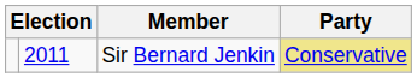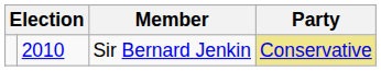 <table class="wikitable">
 <tr>
 <th colspan="2">Election</th>
 <th>Member</th>
 <th>Party</th>
 </tr>
 <tr>
 <td style="color:inherit;background-color: "></td>
-<td><a href='#'>2011</a></td>
+<td><a href='#'>2010</a></td>
 <td>Sir <a href='#'>Bernard Jenkin</a></td>
 <td style="background: khaki;"><a href='#'>Conservative</a></td>
 </tr>
 </table>
